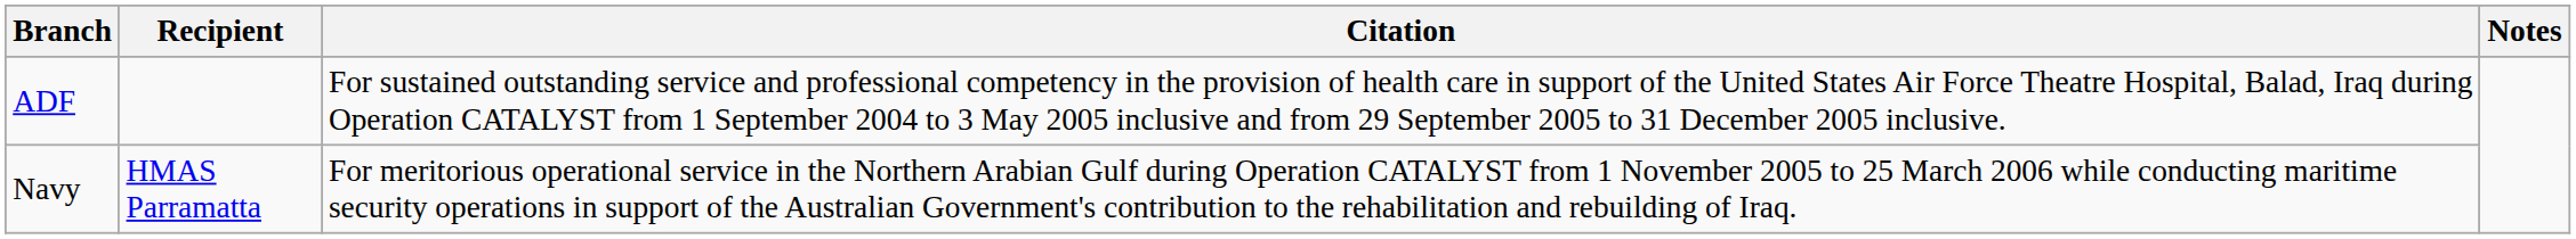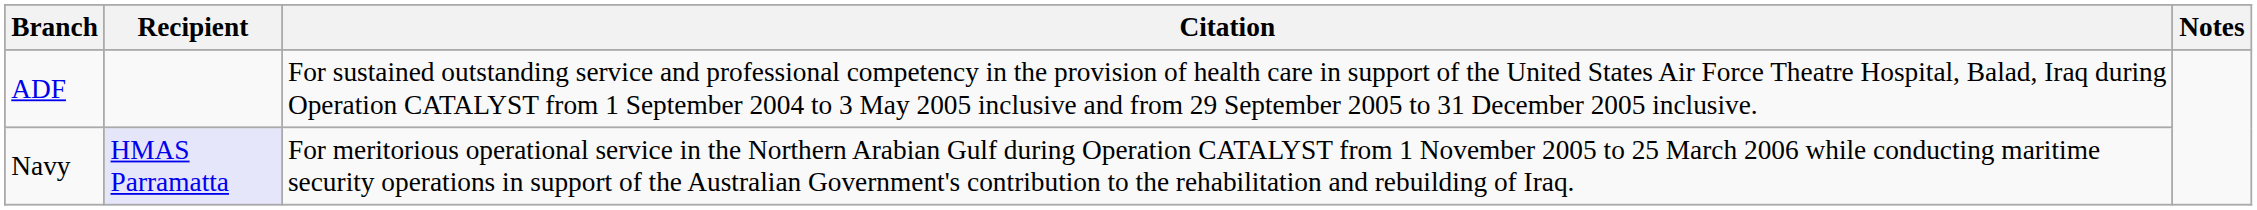 <table class="wikitable" style="font-size:95%;">
 <tr>
 <th>Branch</th>
 <th>Recipient</th>
 <th>Citation</th>
 <th>Notes</th>
 </tr>
 <tr>
 <td><a href='#'>ADF</a></td>
 <td></td>
 <td>For sustained outstanding service and professional competency in the provision of health care in support of the United States Air Force Theatre Hospital, Balad, Iraq during Operation CATALYST from 1 September 2004 to 3 May 2005 inclusive and from 29 September 2005 to 31 December 2005 inclusive.</td>
 <td rowspan=2></td>
 </tr>
 <tr>
 <td>Navy</td>
-<td><a href='#'>HMAS Parramatta</a></td>
+<td style="background: lavender;"><a href='#'>HMAS Parramatta</a></td>
 <td>For meritorious operational service in the Northern Arabian Gulf during Operation CATALYST from 1 November 2005 to 25 March 2006 while conducting maritime security operations in support of the Australian Government's contribution to the rehabilitation and rebuilding of Iraq.</td>
 </tr>
 </table>
